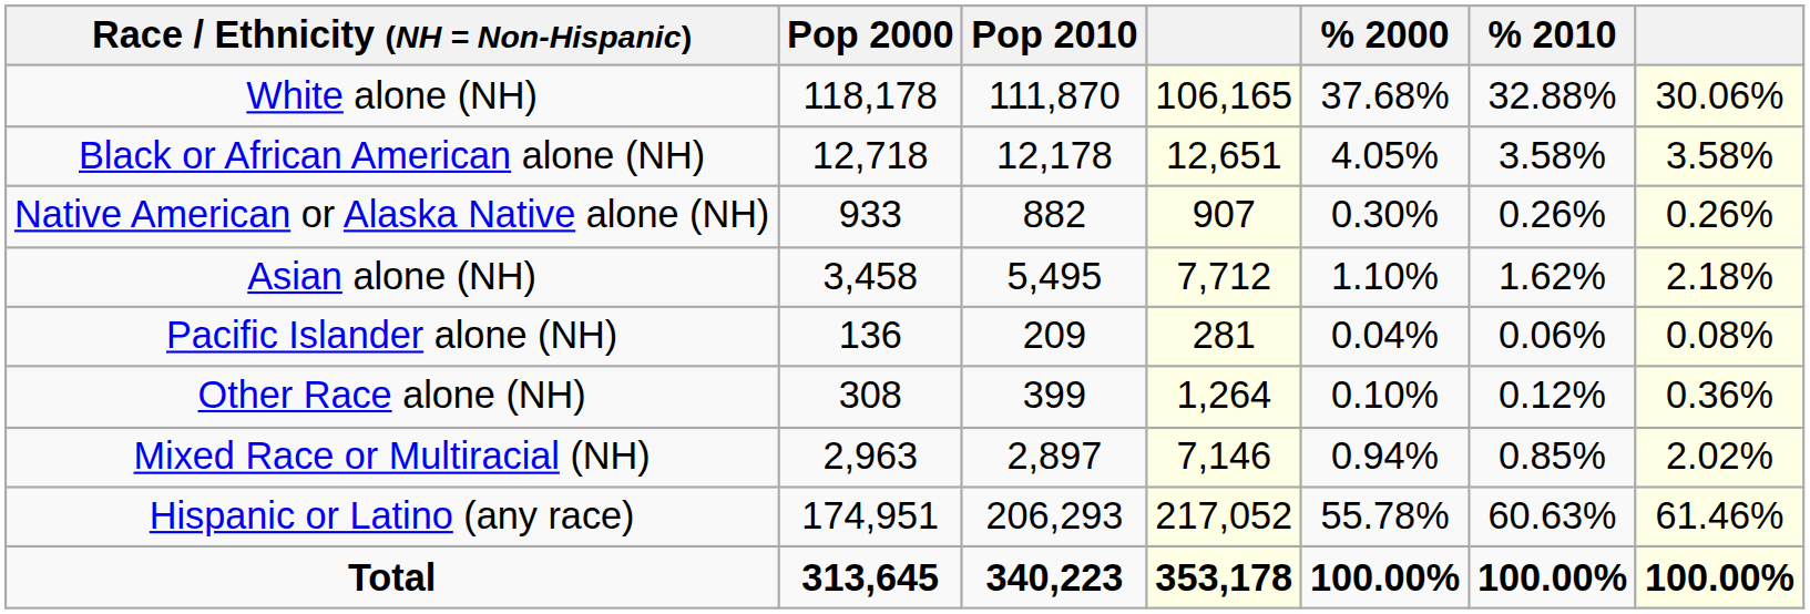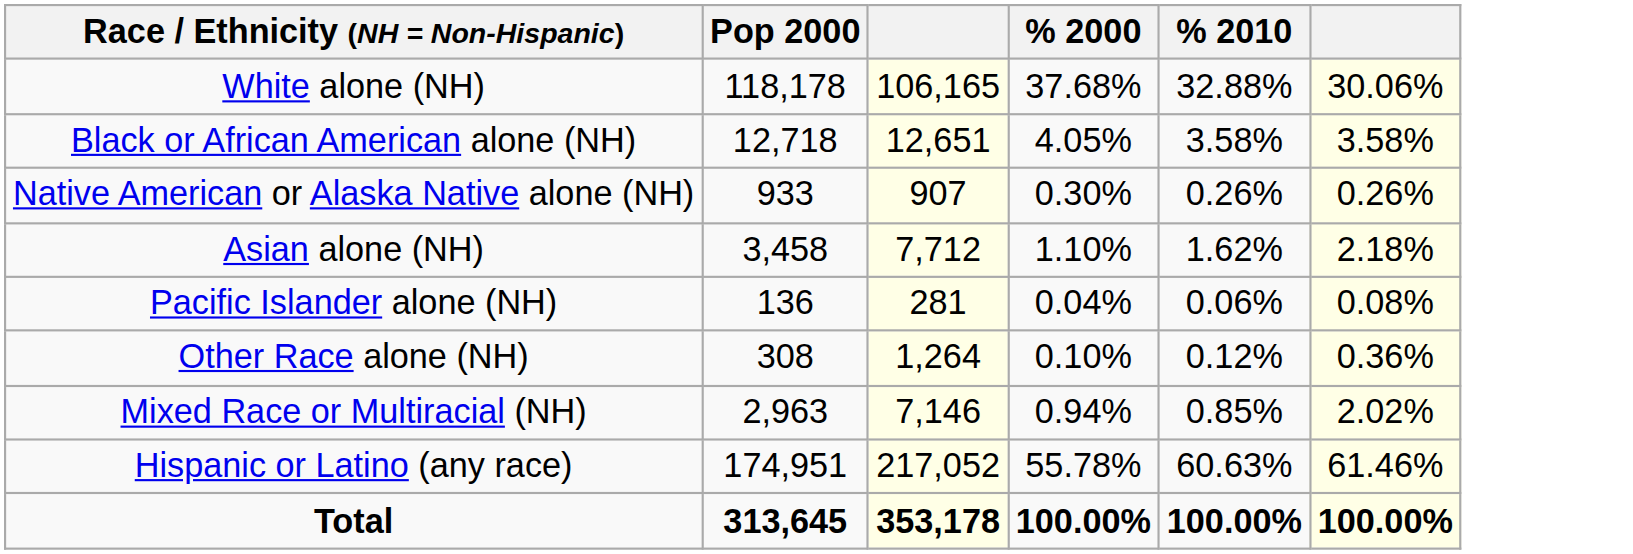 <table class="wikitable" style="text-align:center;">
 <tr>
 <th>Race / Ethnicity <small>(<em>NH = Non-Hispanic</em>)</small></th>
 <th>Pop 2000</th>
-<th>Pop 2010</th>
 <th></th>
 <th>% 2000</th>
 <th>% 2010</th>
 <th></th>
 </tr>
 <tr>
 <td><a href='#'>White</a> alone (NH)</td>
 <td>118,178</td>
-<td>111,870</td>
 <td style='background: #ffffe6;'>106,165</td>
 <td>37.68%</td>
 <td>32.88%</td>
 <td style='background: #ffffe6;'>30.06%</td>
 </tr>
 <tr>
 <td><a href='#'>Black or African American</a> alone (NH)</td>
 <td>12,718</td>
-<td>12,178</td>
 <td style='background: #ffffe6;'>12,651</td>
 <td>4.05%</td>
 <td>3.58%</td>
 <td style='background: #ffffe6;'>3.58%</td>
 </tr>
 <tr>
 <td><a href='#'>Native American</a> or <a href='#'>Alaska Native</a> alone (NH)</td>
 <td>933</td>
-<td>882</td>
 <td style='background: #ffffe6;'>907</td>
 <td>0.30%</td>
 <td>0.26%</td>
 <td style='background: #ffffe6;'>0.26%</td>
 </tr>
 <tr>
 <td><a href='#'>Asian</a> alone (NH)</td>
 <td>3,458</td>
-<td>5,495</td>
 <td style='background: #ffffe6;'>7,712</td>
 <td>1.10%</td>
 <td>1.62%</td>
 <td style='background: #ffffe6;'>2.18%</td>
 </tr>
 <tr>
 <td><a href='#'>Pacific Islander</a> alone (NH)</td>
 <td>136</td>
-<td>209</td>
 <td style='background: #ffffe6;'>281</td>
 <td>0.04%</td>
 <td>0.06%</td>
 <td style='background: #ffffe6;'>0.08%</td>
 </tr>
 <tr>
 <td><a href='#'>Other Race</a> alone (NH)</td>
 <td>308</td>
-<td>399</td>
 <td style='background: #ffffe6;'>1,264</td>
 <td>0.10%</td>
 <td>0.12%</td>
 <td style='background: #ffffe6;'>0.36%</td>
 </tr>
 <tr>
 <td><a href='#'>Mixed Race or Multiracial</a> (NH)</td>
 <td>2,963</td>
-<td>2,897</td>
 <td style='background: #ffffe6;'>7,146</td>
 <td>0.94%</td>
 <td>0.85%</td>
 <td style='background: #ffffe6;'>2.02%</td>
 </tr>
 <tr>
 <td><a href='#'>Hispanic or Latino</a> (any race)</td>
 <td>174,951</td>
-<td>206,293</td>
 <td style='background: #ffffe6;'>217,052</td>
 <td>55.78%</td>
 <td>60.63%</td>
 <td style='background: #ffffe6;'>61.46%</td>
 </tr>
 <tr>
 <td><strong>Total</strong></td>
 <td><strong>313,645</strong></td>
-<td><strong>340,223</strong></td>
 <td style='background: #ffffe6;'><strong>353,178</strong></td>
 <td><strong>100.00%</strong></td>
 <td><strong>100.00%</strong></td>
 <td style='background: #ffffe6;'><strong>100.00%</strong></td>
 </tr>
 </table>
